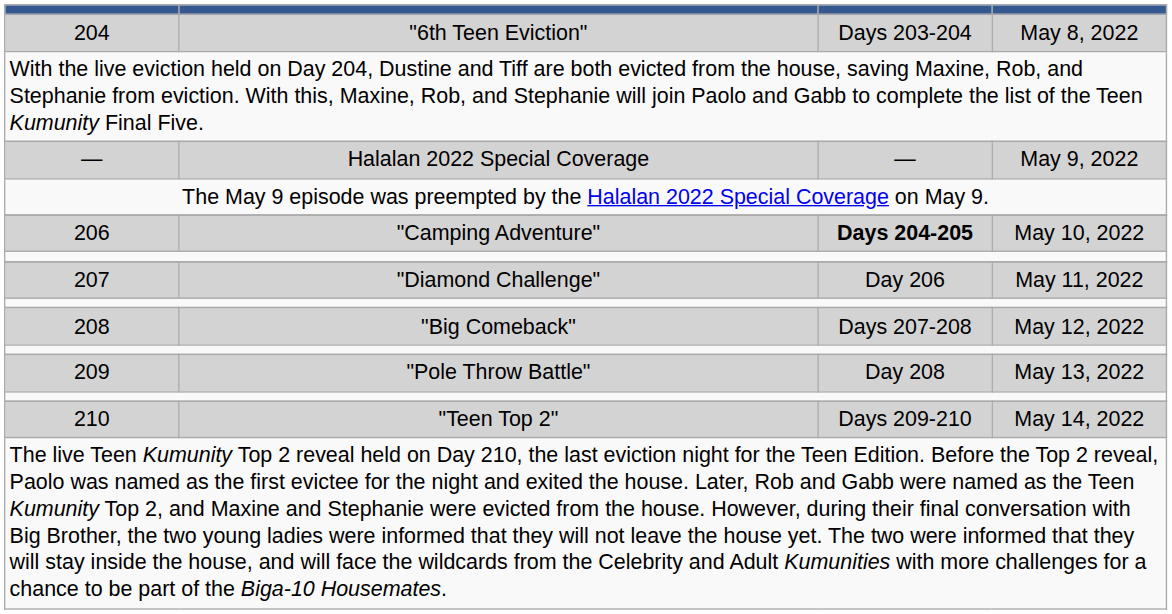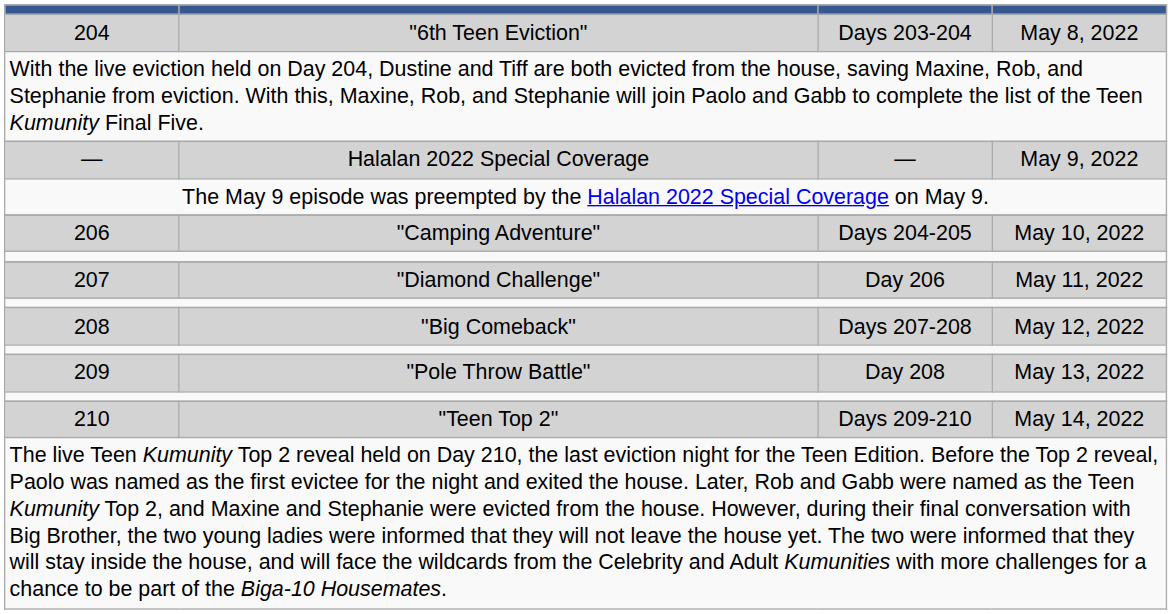 <table class="wikitable sortable" style="font-size:100%; line-height:20px; text-align:center">
 <tr>
 <th width="15%" style="background:#34588F"></th>
 <th width="55%" style="background:#34588F"></th>
 <th width="15%" style="background:#34588F"></th>
 <th width="15%" style="background:#34588F"></th>
 </tr>
 <tr style="background:lightgrey;">
 <td>204</td>
 <td>"6th Teen Eviction"</td>
 <td>Days 203-204</td>
 <td>May 8, 2022</td>
 </tr>
 <tr>
 <td colspan="4" align="left">With the live eviction held on Day 204, Dustine and Tiff are both evicted from the house, saving Maxine, Rob, and Stephanie from eviction. With this, Maxine, Rob, and Stephanie will join Paolo and Gabb to complete the list of the Teen <em>Kumunity</em> Final Five.</td>
 </tr>
 <tr>
 </tr>
 <tr style="background:lightgrey;">
 <td>—</td>
 <td>Halalan 2022 Special Coverage</td>
 <td>—</td>
 <td>May 9, 2022</td>
 </tr>
 <tr>
 <td colspan="4" align="center">The  May 9 episode was preempted by the <a href='#'>Halalan 2022 Special Coverage</a> on May 9.</td>
 </tr>
 <tr>
 </tr>
 <tr style="background:lightgrey;">
 <td>206</td>
 <td>"Camping Adventure"</td>
-<td><strong>Days 204-205</strong></td>
+<td>Days 204-205</td>
 <td>May 10, 2022</td>
 </tr>
 <tr>
 <td colspan="4" align="left"></td>
 </tr>
 <tr>
 </tr>
 <tr style="background:lightgrey;">
 <td>207</td>
 <td>"Diamond Challenge"</td>
 <td>Day 206</td>
 <td>May 11, 2022</td>
 </tr>
 <tr>
 <td colspan="4" align="left"></td>
 </tr>
 <tr>
 </tr>
 <tr style="background:lightgrey;">
 <td>208</td>
 <td>"Big Comeback"</td>
 <td>Days 207-208</td>
 <td>May 12, 2022</td>
 </tr>
 <tr>
 <td colspan="4" align="left"></td>
 </tr>
 <tr>
 </tr>
 <tr style="background:lightgrey;">
 <td>209</td>
 <td>"Pole Throw Battle"</td>
 <td>Day 208</td>
 <td>May 13, 2022</td>
 </tr>
 <tr>
 <td colspan="4" align="left"></td>
 </tr>
 <tr>
 </tr>
 <tr style="background:lightgrey;">
 <td>210</td>
 <td>"Teen Top 2"</td>
 <td>Days 209-210</td>
 <td>May 14, 2022</td>
 </tr>
 <tr>
 <td colspan="4" align="left">The live Teen <em>Kumunity</em> Top 2 reveal held on Day 210, the last eviction night for the Teen Edition. Before the Top 2 reveal, Paolo was named as the first evictee for the night and exited the house. Later, Rob and Gabb were named as the Teen <em>Kumunity</em> Top 2, and Maxine and Stephanie were evicted from the house. However, during their final conversation with Big Brother, the two young ladies were informed that they will not leave the house yet. The two were informed that they will stay inside the house, and will face the wildcards from the Celebrity and Adult <em>Kumunities</em> with more challenges for a chance to be part of the <em>Biga-10 Housemates</em>.</td>
 </tr>
 </table>
